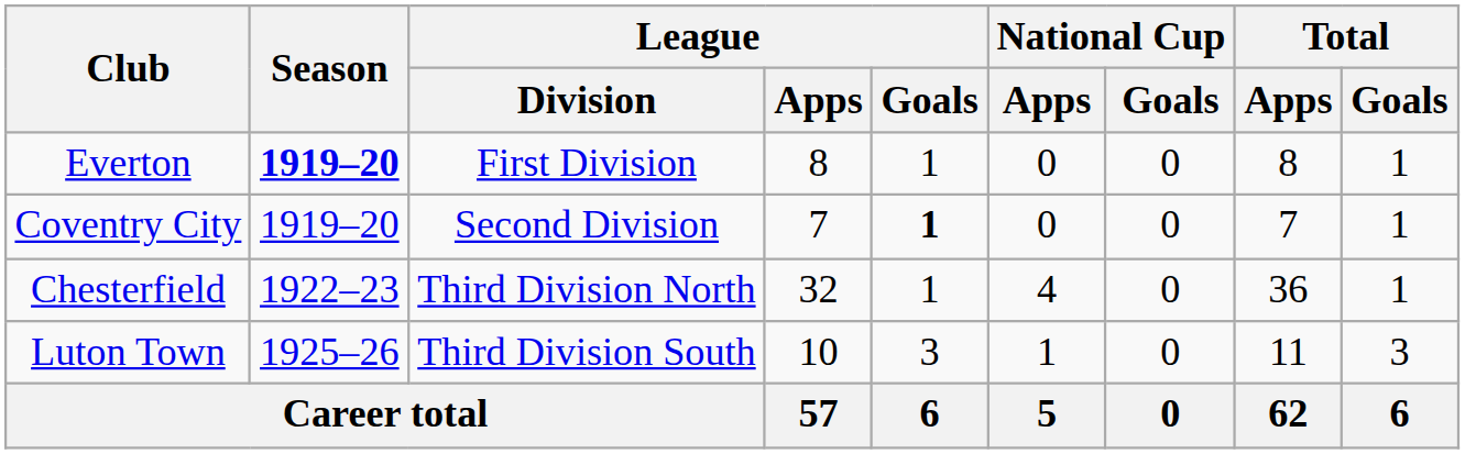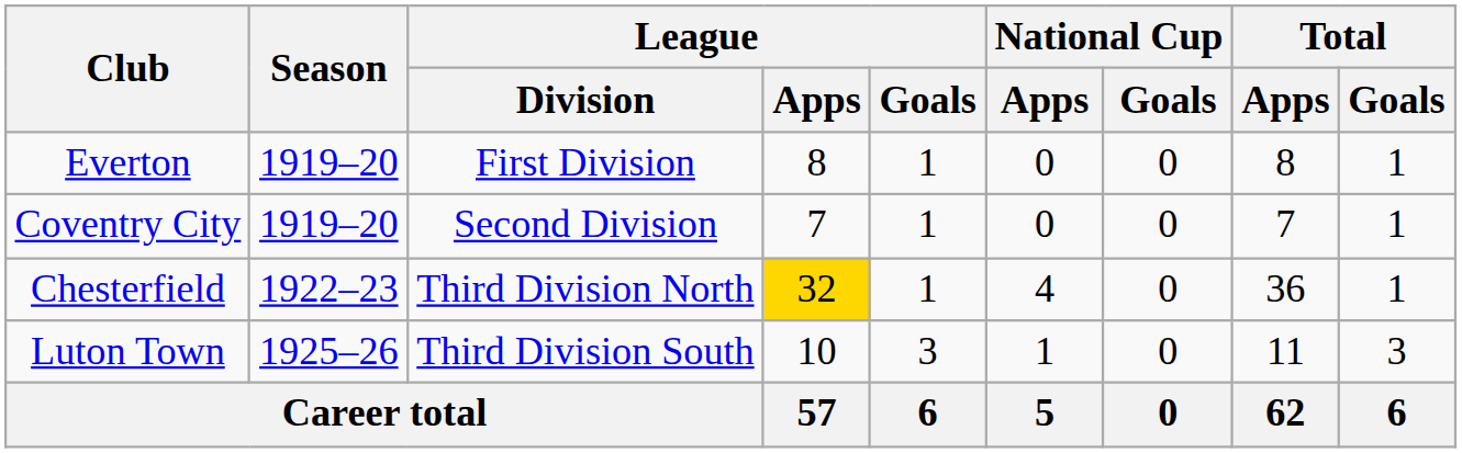 <table class="wikitable" style="text-align:center">
 <tr>
 <th rowspan="2">Club</th>
 <th rowspan="2">Season</th>
 <th colspan="3">League</th>
 <th colspan="2">National Cup</th>
 <th colspan="2">Total</th>
 </tr>
 <tr>
 <th>Division</th>
 <th>Apps</th>
 <th>Goals</th>
 <th>Apps</th>
 <th>Goals</th>
 <th>Apps</th>
 <th>Goals</th>
 </tr>
 <tr>
 <td><a href='#'>Everton</a></td>
-<td><strong><a href='#'>1919–20</a></strong></td>
+<td><a href='#'>1919–20</a></td>
 <td><a href='#'>First Division</a></td>
 <td>8</td>
 <td>1</td>
 <td>0</td>
 <td>0</td>
 <td>8</td>
 <td>1</td>
 </tr>
 <tr>
 <td><a href='#'>Coventry City</a></td>
 <td><a href='#'>1919–20</a></td>
 <td><a href='#'>Second Division</a></td>
 <td>7</td>
-<td><strong>1</strong></td>
+<td>1</td>
 <td>0</td>
 <td>0</td>
 <td>7</td>
 <td>1</td>
 </tr>
 <tr>
 <td><a href='#'>Chesterfield</a></td>
 <td><a href='#'>1922–23</a></td>
 <td><a href='#'>Third Division North</a></td>
-<td>32</td>
+<td style="background: gold;">32</td>
 <td>1</td>
 <td>4</td>
 <td>0</td>
 <td>36</td>
 <td>1</td>
 </tr>
 <tr>
 <td><a href='#'>Luton Town</a></td>
 <td><a href='#'>1925–26</a></td>
 <td><a href='#'>Third Division South</a></td>
 <td>10</td>
 <td>3</td>
 <td>1</td>
 <td>0</td>
 <td>11</td>
 <td>3</td>
 </tr>
 <tr>
 <th colspan="3">Career total</th>
 <th>57</th>
 <th>6</th>
 <th>5</th>
 <th>0</th>
 <th>62</th>
 <th>6</th>
 </tr>
 </table>
